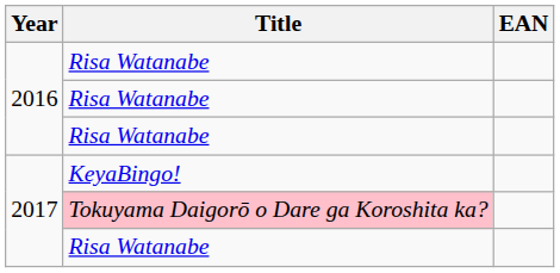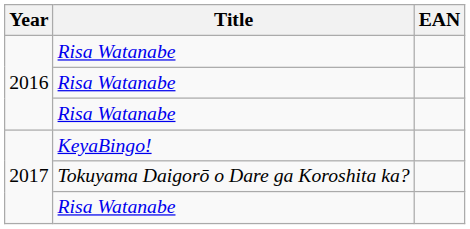 <table class="wikitable">
 <tr>
 <th>Year</th>
 <th>Title</th>
 <th>EAN</th>
 </tr>
 <tr>
 <td rowspan="3">2016</td>
 <td><em><a href='#'>Risa Watanabe</a></em></td>
 <td></td>
 </tr>
 <tr>
 <td><em><a href='#'>Risa Watanabe</a></em></td>
 <td></td>
 </tr>
 <tr>
 <td><em><a href='#'>Risa Watanabe</a></em></td>
 <td></td>
 </tr>
 <tr>
 <td rowspan="3">2017</td>
 <td><em><a href='#'>KeyaBingo!</a></em></td>
 <td></td>
 </tr>
 <tr>
-<td style="background: pink;"><em>Tokuyama Daigorō o Dare ga Koroshita ka?</em></td>
+<td><em>Tokuyama Daigorō o Dare ga Koroshita ka?</em></td>
 <td></td>
 </tr>
 <tr>
 <td><em><a href='#'>Risa Watanabe</a></em></td>
 <td></td>
 </tr>
 </table>
